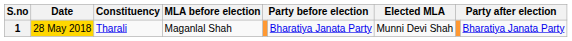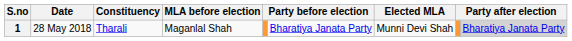 <table class="wikitable sortable">
 <tr>
 <th>S.no</th>
 <th>Date</th>
 <th>Constituency</th>
 <th>MLA before election</th>
 <th colspan="2">Party before election</th>
 <th>Elected MLA</th>
 <th colspan="2">Party after election</th>
 </tr>
 <tr>
 <th>1</th>
-<td style="background: gold;">28 May 2018</td>
+<td>28 May 2018</td>
 <td><a href='#'>Tharali</a></td>
 <td>Maganlal Shah</td>
 <td bgcolor=#FF9933></td>
 <td><a href='#'>Bharatiya Janata Party</a></td>
 <td>Munni Devi Shah</td>
 <td bgcolor=#FF9933></td>
-<td><a href='#'>Bharatiya Janata Party</a></td>
+<td style="background: lightgrey;"><a href='#'>Bharatiya Janata Party</a></td>
 </tr>
 </table>
